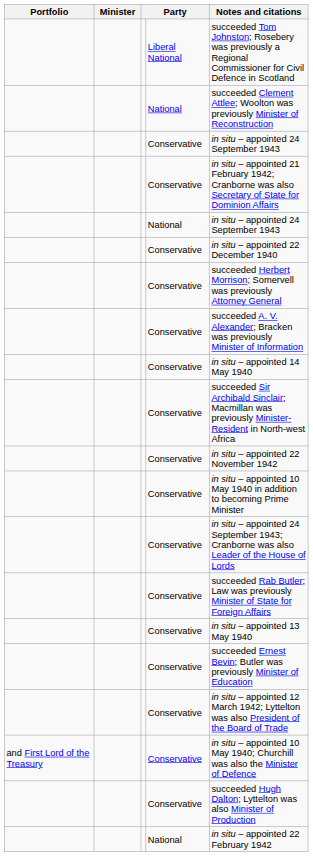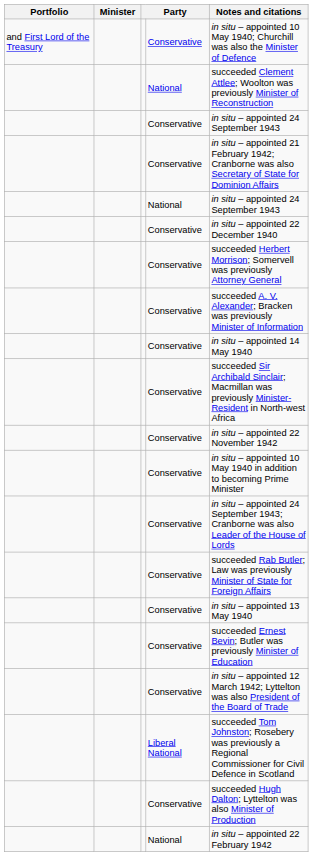 <table class="wikitable sortable" style="font-size:95%; width:80%;">
 <tr>
 <th scope="col" width="25%">Portfolio</th>
 <th scope="col" width="12.5%">Minister</th>
 <th scope="col" width="10%" colspan=2>Party</th>
 <th scope="col" width="27.5%">Notes and citations</th>
 </tr>
 <tr>
+<td> and <a href='#'>First Lord of the Treasury</a></td>
 <td></td>
-<td></td>
-<td style="background-color: "></td>
-<td><a href='#'>Liberal National</a></td>
-<td>succeeded <a href='#'>Tom Johnston</a>; Rosebery was previously a Regional Commissioner for Civil Defence in Scotland</td>
+<td style="background: "></td>
+<td><a href='#'>Conservative</a></td>
+<td><em>in situ</em> – appointed 10 May 1940; Churchill was also the <a href='#'>Minister of Defence</a></td>
 </tr>
 <tr>
 <td></td>
 <td></td>
 <td style="background: "></td>
 <td><a href='#'>National</a></td>
 <td>succeeded <a href='#'>Clement Attlee</a>; Woolton was previously <a href='#'>Minister of Reconstruction</a></td>
 </tr>
 <tr>
 <td></td>
 <td></td>
 <td style="background:"></td>
 <td>Conservative</td>
 <td><em>in situ</em> – appointed 24 September 1943</td>
 </tr>
 <tr>
 <td></td>
 <td></td>
 <td style="background:"></td>
 <td>Conservative</td>
 <td><em>in situ</em> – appointed 21 February 1942; Cranborne was also <a href='#'>Secretary of State for Dominion Affairs</a></td>
 </tr>
 <tr>
 <td></td>
 <td></td>
 <td style="background-color: "></td>
 <td>National</td>
 <td><em>in situ</em> – appointed 24 September 1943</td>
 </tr>
 <tr>
 <td></td>
 <td></td>
 <td style="background:"></td>
 <td>Conservative</td>
 <td><em>in situ</em> – appointed 22 December 1940</td>
 </tr>
 <tr>
 <td></td>
 <td></td>
 <td style="background:"></td>
 <td>Conservative</td>
 <td>succeeded <a href='#'>Herbert Morrison</a>; Somervell was previously <a href='#'>Attorney General</a></td>
 </tr>
 <tr>
 <td></td>
 <td></td>
 <td style="background:"></td>
 <td>Conservative</td>
 <td>succeeded <a href='#'>A. V. Alexander</a>; Bracken was previously <a href='#'>Minister of Information</a></td>
 </tr>
 <tr>
 <td></td>
 <td></td>
 <td style="background:"></td>
 <td>Conservative</td>
 <td><em>in situ</em> – appointed 14 May 1940</td>
 </tr>
 <tr>
 <td></td>
 <td></td>
 <td style="background:"></td>
 <td>Conservative</td>
 <td>succeeded <a href='#'>Sir Archibald Sinclair</a>; Macmillan was previously <a href='#'>Minister-Resident</a> in North-west Africa</td>
 </tr>
 <tr>
 <td></td>
 <td></td>
 <td style="background:"></td>
 <td>Conservative</td>
 <td><em>in situ</em> – appointed 22 November 1942</td>
 </tr>
 <tr>
 <td></td>
 <td></td>
 <td style="background:"></td>
 <td>Conservative</td>
 <td><em>in situ</em> – appointed 10 May 1940 in addition to becoming Prime Minister</td>
 </tr>
 <tr>
 <td></td>
 <td></td>
 <td style="background:"></td>
 <td>Conservative</td>
 <td><em>in situ</em> – appointed 24 September 1943; Cranborne was also <a href='#'>Leader of the House of Lords</a></td>
 </tr>
 <tr>
 <td></td>
 <td></td>
 <td style="background:"></td>
 <td>Conservative</td>
 <td>succeeded <a href='#'>Rab Butler</a>; Law was previously <a href='#'>Minister of State for Foreign Affairs</a></td>
 </tr>
 <tr>
 <td></td>
 <td></td>
 <td style="background:"></td>
 <td>Conservative</td>
 <td><em>in situ</em> – appointed 13 May 1940</td>
 </tr>
 <tr>
 <td></td>
 <td></td>
 <td style="background:"></td>
 <td>Conservative</td>
 <td>succeeded <a href='#'>Ernest Bevin</a>; Butler was previously <a href='#'>Minister of Education</a></td>
 </tr>
 <tr>
 <td></td>
 <td></td>
 <td style="background:"></td>
 <td>Conservative</td>
 <td><em>in situ</em> – appointed 12 March 1942; Lyttelton was also <a href='#'>President of the Board of Trade</a></td>
 </tr>
 <tr>
-<td> and <a href='#'>First Lord of the Treasury</a></td>
 <td></td>
-<td style="background: "></td>
-<td><a href='#'>Conservative</a></td>
-<td><em>in situ</em> – appointed 10 May 1940; Churchill was also the <a href='#'>Minister of Defence</a></td>
+<td></td>
+<td style="background-color: "></td>
+<td><a href='#'>Liberal National</a></td>
+<td>succeeded <a href='#'>Tom Johnston</a>; Rosebery was previously a Regional Commissioner for Civil Defence in Scotland</td>
 </tr>
 <tr>
 <td></td>
 <td></td>
 <td style="background:"></td>
 <td>Conservative</td>
 <td>succeeded <a href='#'>Hugh Dalton</a>; Lyttelton was also <a href='#'>Minister of Production</a></td>
 </tr>
 <tr>
 <td></td>
 <td></td>
 <td style="background:"></td>
 <td>National</td>
 <td><em>in situ</em> – appointed 22 February 1942</td>
 </tr>
 </table>
